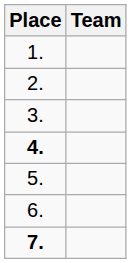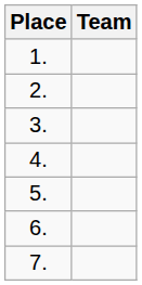 <table class="wikitable">
 <tr>
 <th>Place</th>
 <th>Team</th>
 </tr>
 <tr>
 <td align="center">1.</td>
 <td></td>
 </tr>
 <tr>
 <td align="center">2.</td>
 <td></td>
 </tr>
 <tr>
 <td align="center">3.</td>
 <td></td>
 </tr>
 <tr>
-<td align="center"><strong>4.</strong></td>
+<td align="center">4.</td>
 <td></td>
 </tr>
 <tr>
 <td align="center">5.</td>
 <td></td>
 </tr>
 <tr>
 <td align="center">6.</td>
 <td></td>
 </tr>
 <tr>
-<td align="center"><strong>7.</strong></td>
+<td align="center">7.</td>
 <td></td>
 </tr>
 </table>
